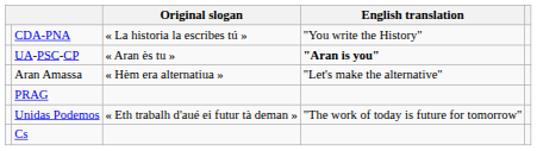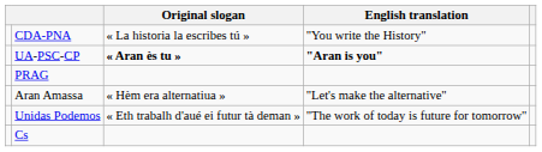 <table class="wikitable" style="text-align:left;">
 <tr>
 <th style="text-align:left;" colspan="2"></th>
 <th>Original slogan</th>
 <th>English translation</th>
 <th></th>
 </tr>
 <tr>
 <td width="1" style="color:inherit;background:"></td>
 <td><a href='#'>CDA-PNA</a></td>
 <td>« La historia la escribes tú »</td>
 <td>"You write the History"</td>
 <td></td>
 </tr>
 <tr>
 <td style="color:inherit;background:"></td>
 <td><a href='#'>UA</a>-<a href='#'>PSC</a>-<a href='#'>CP</a></td>
-<td>« Aran ès tu »</td>
+<td><strong>« Aran ès tu »</strong></td>
 <td><strong>"Aran is you"</strong></td>
+<td></td>
+</tr>
+<tr>
+<td style="color:inherit;background:"></td>
+<td><a href='#'>PRAG</a></td>
+<td></td>
+<td></td>
 <td></td>
 </tr>
 <tr>
 <td style="color:inherit;background:"></td>
 <td>Aran Amassa</td>
 <td>« Hèm era alternatiua »</td>
 <td>"Let's make the alternative"</td>
-<td></td>
-</tr>
-<tr>
-<td style="color:inherit;background:"></td>
-<td><a href='#'>PRAG</a></td>
-<td></td>
-<td></td>
 <td></td>
 </tr>
 <tr>
 <td style="color:inherit;background:"></td>
 <td><a href='#'>Unidas Podemos</a></td>
 <td>« Eth trabalh d'aué ei futur tà deman »</td>
 <td>"The work of today is future for tomorrow"</td>
 <td></td>
 </tr>
 <tr>
 <td style="color:inherit;background:"></td>
 <td><a href='#'>Cs</a></td>
 <td></td>
 <td></td>
 <td></td>
 </tr>
 </table>
